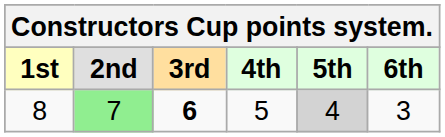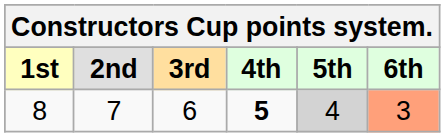 <table class="wikitable" style="font-size:95%; text-align:center">
 <tr>
 <th colspan="19">Constructors Cup points system.</th>
 </tr>
 <tr>
 <td style="background:#ffffbf;"> <strong>1st</strong> </td>
 <td style="background:#dfdfdf;"> <strong>2nd</strong> </td>
 <td style="background:#ffdf9f;"> <strong>3rd</strong> </td>
 <td style="background:#dfffdf;"> <strong>4th</strong> </td>
 <td style="background:#dfffdf;"> <strong>5th</strong> </td>
 <td style="background:#dfffdf;"> <strong>6th</strong> </td>
 </tr>
 <tr>
 <td>8</td>
-<td style="background: lightgreen;">7</td>
-<td><strong>6</strong></td>
-<td>5</td>
+<td>7</td>
+<td>6</td>
+<td><strong>5</strong></td>
 <td style="background: lightgrey;">4</td>
-<td>3</td>
+<td style="background: lightsalmon;">3</td>
 </tr>
 </table>
